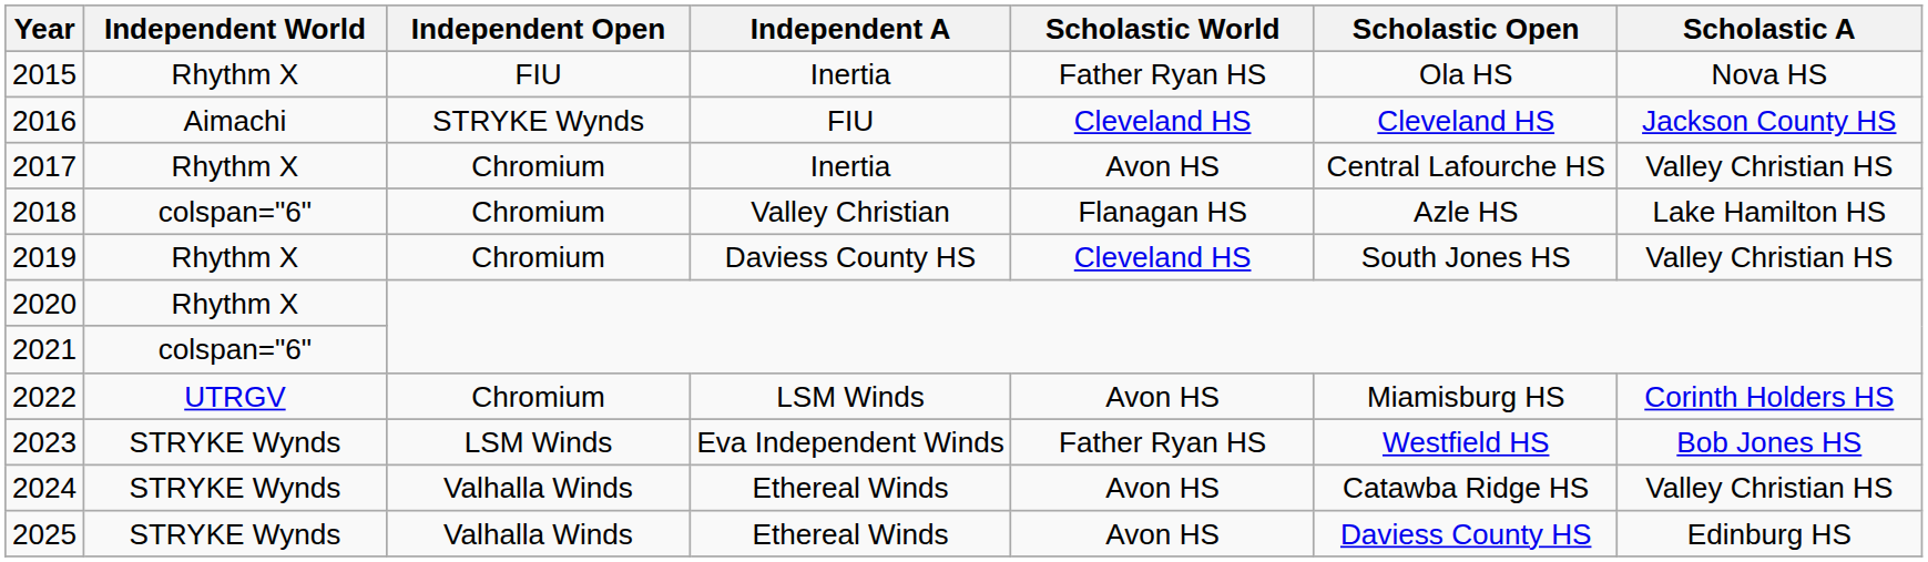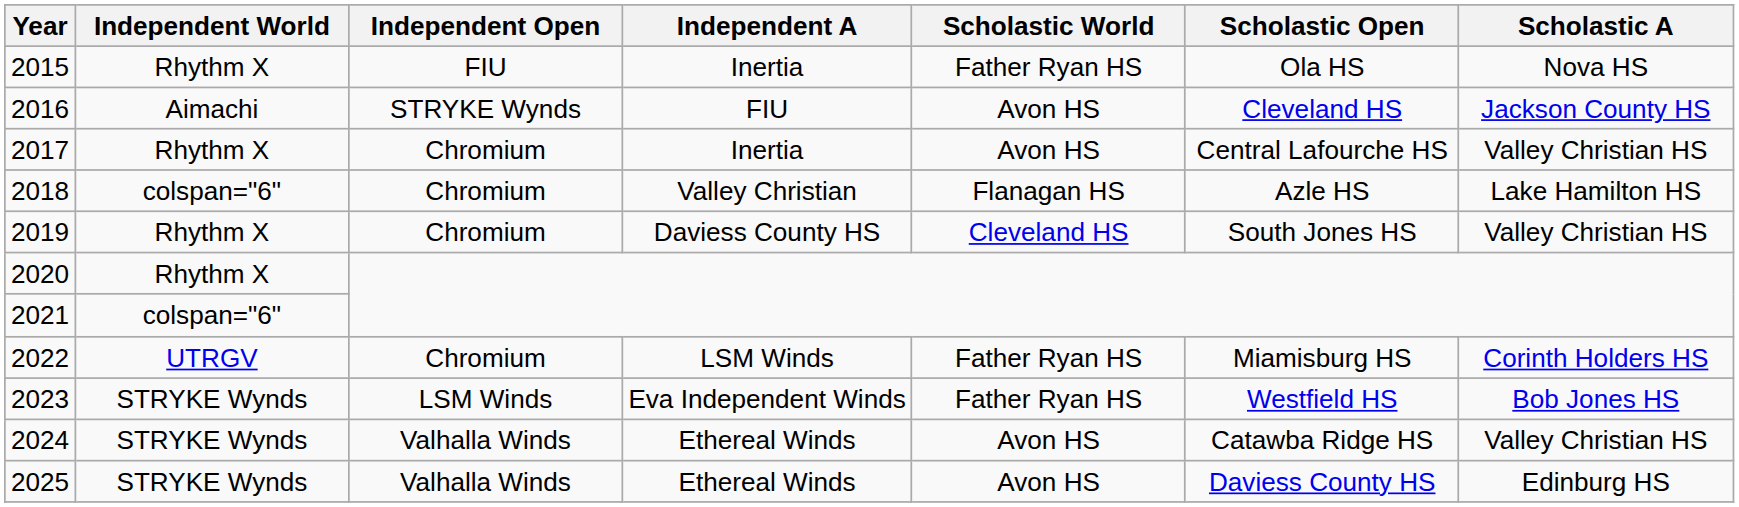 <table class="wikitable" style="font-size: 95%; text-align:center;">
 <tr>
 <th>Year</th>
 <th style="min-width: 10em;">Independent World</th>
 <th style="min-width: 10em;">Independent Open</th>
 <th style="min-width: 10em;">Independent A</th>
 <th style="min-width: 10em;">Scholastic World</th>
 <th style="min-width: 10em;">Scholastic Open</th>
 <th style="min-width: 10em;">Scholastic A</th>
 </tr>
 <tr>
 <td>2015</td>
 <td>Rhythm X </td>
 <td>FIU</td>
 <td>Inertia </td>
 <td>Father Ryan HS</td>
 <td>Ola HS</td>
 <td>Nova HS</td>
 </tr>
 <tr>
 <td>2016</td>
 <td>Aimachi</td>
 <td>STRYKE Wynds</td>
 <td>FIU</td>
-<td><a href='#'>Cleveland HS</a></td>
+<td>Avon HS </td>
 <td><a href='#'>Cleveland HS</a></td>
 <td><a href='#'>Jackson County HS</a></td>
 </tr>
 <tr>
 <td>2017</td>
 <td>Rhythm X </td>
 <td>Chromium </td>
 <td>Inertia </td>
 <td>Avon HS </td>
 <td>Central Lafourche HS</td>
 <td>Valley Christian HS </td>
 </tr>
 <tr>
 <td>2018</td>
 <td>colspan="6" </td>
 <td>Chromium </td>
 <td>Valley Christian</td>
 <td>Flanagan HS</td>
 <td>Azle HS</td>
 <td>Lake Hamilton HS</td>
 </tr>
 <tr>
 <td>2019</td>
 <td>Rhythm X </td>
 <td>Chromium </td>
 <td>Daviess County HS</td>
 <td><a href='#'>Cleveland HS</a></td>
 <td>South Jones HS</td>
 <td>Valley Christian HS </td>
 </tr>
 <tr>
 <td>2020</td>
 <td>Rhythm X </td>
 </tr>
 <tr>
 <td>2021</td>
 <td>colspan="6" </td>
 </tr>
 <tr>
 <td>2022</td>
 <td><a href='#'>UTRGV</a></td>
 <td>Chromium </td>
 <td>LSM Winds</td>
-<td>Avon HS </td>
+<td>Father Ryan HS</td>
 <td>Miamisburg HS</td>
 <td><a href='#'>Corinth Holders HS</a></td>
 </tr>
 <tr>
 <td>2023</td>
 <td>STRYKE Wynds </td>
 <td>LSM Winds</td>
 <td>Eva Independent Winds</td>
 <td>Father Ryan HS</td>
 <td><a href='#'>Westfield HS</a></td>
 <td><a href='#'>Bob Jones HS</a></td>
 </tr>
 <tr>
 <td>2024</td>
 <td>STRYKE Wynds </td>
 <td>Valhalla Winds </td>
 <td>Ethereal Winds </td>
 <td>Avon HS </td>
 <td>Catawba Ridge HS</td>
 <td>Valley Christian HS </td>
 </tr>
 <tr>
 <td>2025</td>
 <td>STRYKE Wynds </td>
 <td>Valhalla Winds </td>
 <td>Ethereal Winds </td>
 <td>Avon HS </td>
 <td><a href='#'>Daviess County HS</a></td>
 <td>Edinburg HS</td>
 </tr>
 </table>
